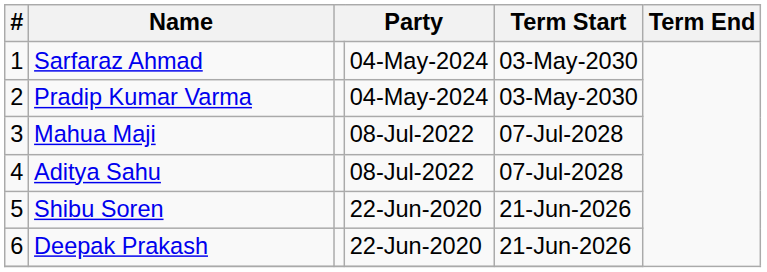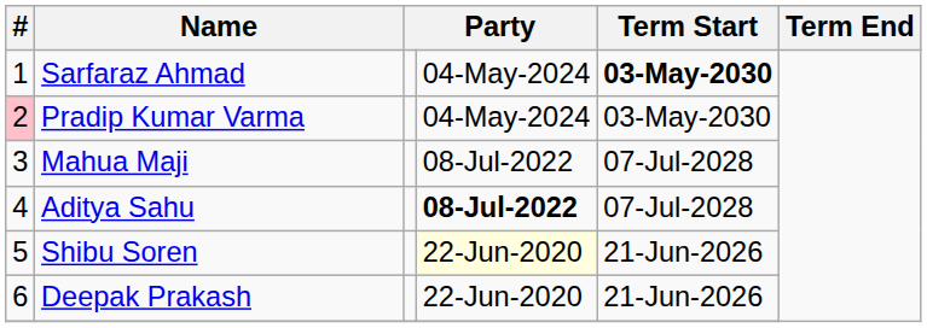 <table class="wikitable sortable">
 <tr>
 <th>#</th>
 <th style="width:200px">Name</th>
 <th colspan="2">Party</th>
 <th>Term Start</th>
 <th>Term End</th>
 </tr>
 <tr>
 <td>1</td>
 <td><a href='#'>Sarfaraz Ahmad</a></td>
 <td></td>
 <td>04-May-2024</td>
-<td>03-May-2030</td>
+<td><strong>03-May-2030</strong></td>
 </tr>
 <tr>
-<td>2</td>
+<td style="background: pink;">2</td>
 <td><a href='#'>Pradip Kumar Varma</a></td>
 <td></td>
 <td>04-May-2024</td>
 <td>03-May-2030</td>
 </tr>
 <tr>
 <td>3</td>
 <td><a href='#'>Mahua Maji</a></td>
 <td></td>
 <td>08-Jul-2022</td>
 <td>07-Jul-2028</td>
 </tr>
 <tr>
 <td>4</td>
 <td><a href='#'>Aditya Sahu</a></td>
 <td></td>
-<td>08-Jul-2022</td>
+<td><strong>08-Jul-2022</strong></td>
 <td>07-Jul-2028</td>
 </tr>
 <tr>
 <td>5</td>
 <td><a href='#'>Shibu Soren</a></td>
 <td></td>
-<td>22-Jun-2020</td>
+<td style="background: lightyellow;">22-Jun-2020</td>
 <td>21-Jun-2026</td>
 </tr>
 <tr>
 <td>6</td>
 <td><a href='#'>Deepak Prakash</a></td>
 <td></td>
 <td>22-Jun-2020</td>
 <td>21-Jun-2026</td>
 </tr>
 <tr>
 </tr>
 </table>
